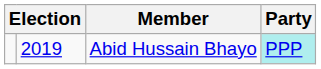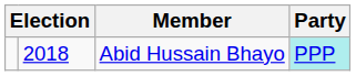 <table class="wikitable">
 <tr>
 <th colspan="2">Election</th>
 <th>Member</th>
 <th>Party</th>
 </tr>
 <tr>
 <td style="background-color: "></td>
-<td><a href='#'>2019</a></td>
+<td><a href='#'>2018</a></td>
 <td><a href='#'>Abid Hussain Bhayo</a></td>
 <td style="background: paleturquoise;"><a href='#'>PPP</a></td>
 </tr>
 </table>
